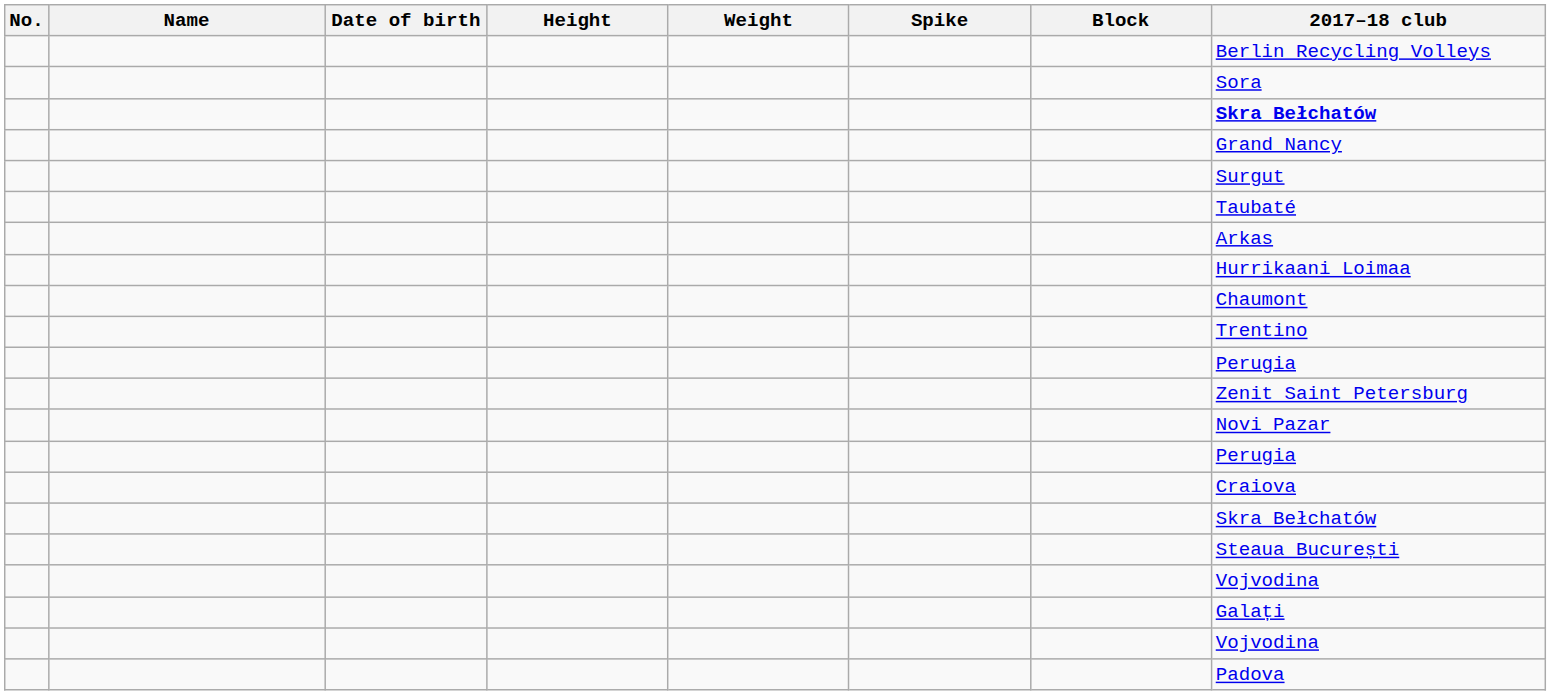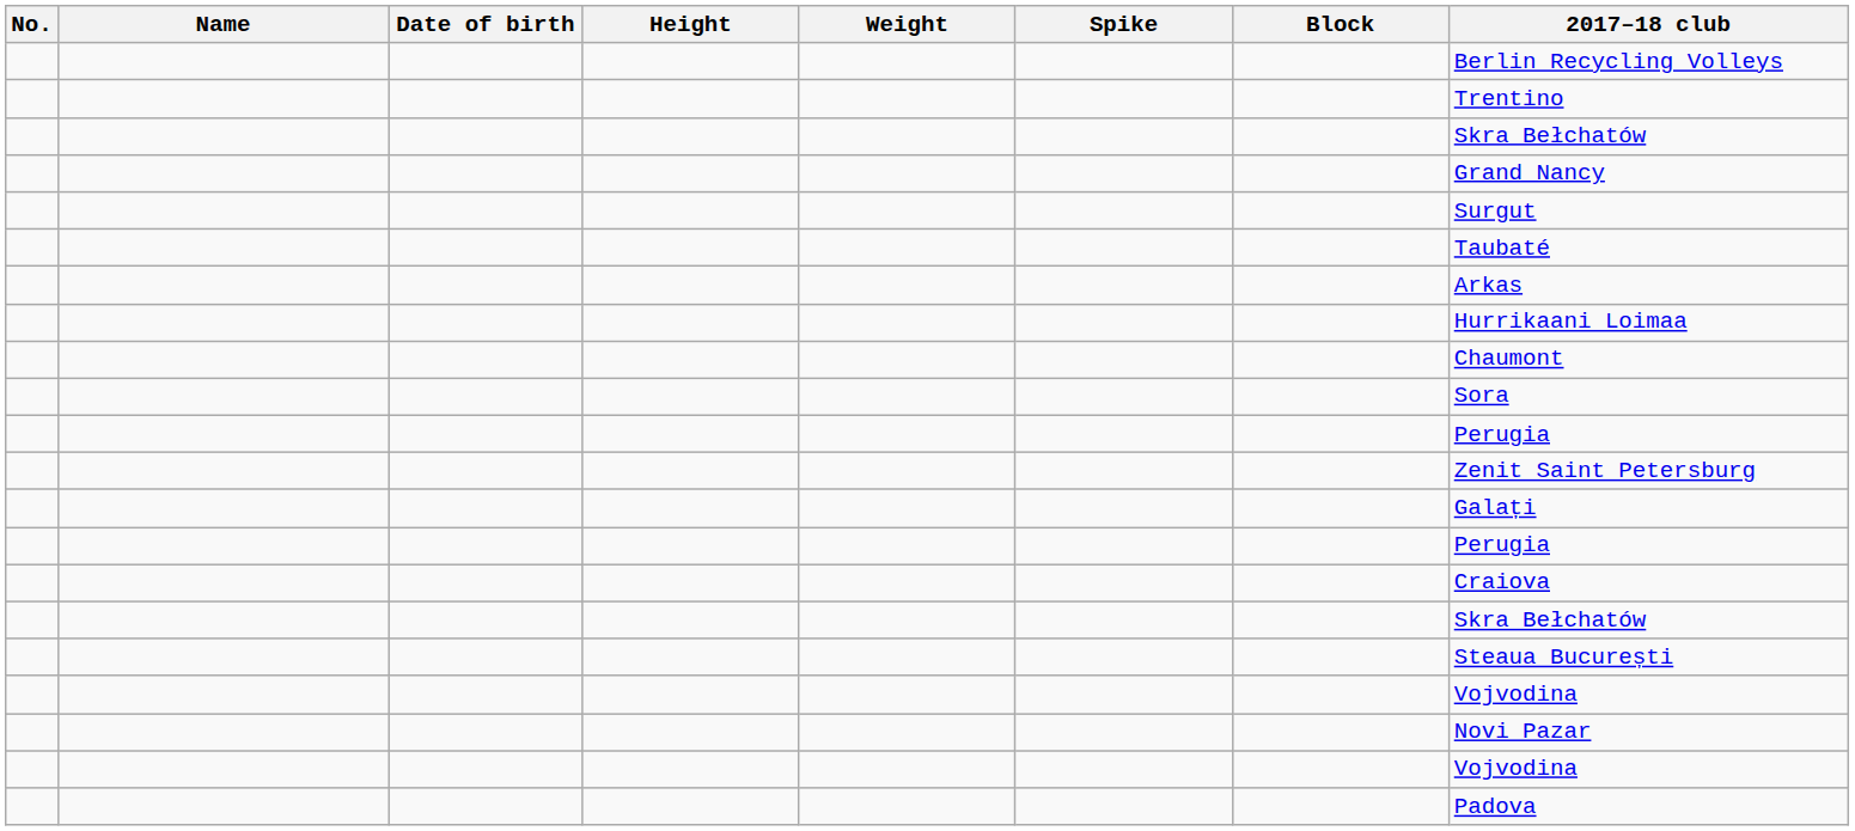 <table class="wikitable sortable" style="font-size:100%; text-align:center;">
 <tr>
 <th>No.</th>
 <th style="width:14em">Name</th>
 <th style="width:8em">Date of birth</th>
 <th style="width:9em">Height</th>
 <th style="width:9em">Weight</th>
 <th style="width:9em">Spike</th>
 <th style="width:9em">Block</th>
 <th style="width:17em">2017–18 club</th>
 </tr>
 <tr>
 <td></td>
 <td align=left></td>
 <td align=right></td>
 <td></td>
 <td></td>
 <td></td>
 <td></td>
 <td align=left> <a href='#'>Berlin Recycling Volleys</a></td>
 </tr>
 <tr>
 <td></td>
 <td align=left></td>
 <td align=right></td>
 <td></td>
 <td></td>
 <td></td>
 <td></td>
-<td align=left> <a href='#'>Sora</a></td>
+<td align=left> <a href='#'>Trentino</a></td>
 </tr>
 <tr>
 <td></td>
 <td align=left></td>
 <td align=right></td>
 <td></td>
 <td></td>
 <td></td>
 <td></td>
-<td align=left><strong> <a href='#'>Skra Bełchatów</a></strong></td>
+<td align=left> <a href='#'>Skra Bełchatów</a></td>
 </tr>
 <tr>
 <td></td>
 <td align=left></td>
 <td align=right></td>
 <td></td>
 <td></td>
 <td></td>
 <td></td>
 <td align=left> <a href='#'>Grand Nancy</a></td>
 </tr>
 <tr>
 <td></td>
 <td align=left></td>
 <td align=right></td>
 <td></td>
 <td></td>
 <td></td>
 <td></td>
 <td align=left> <a href='#'>Surgut</a></td>
 </tr>
 <tr>
 <td></td>
 <td align=left></td>
 <td align=right></td>
 <td></td>
 <td></td>
 <td></td>
 <td></td>
 <td align=left> <a href='#'>Taubaté</a></td>
 </tr>
 <tr>
 <td></td>
 <td align=left></td>
 <td align=right></td>
 <td></td>
 <td></td>
 <td></td>
 <td></td>
 <td align=left> <a href='#'>Arkas</a></td>
 </tr>
 <tr>
 <td></td>
 <td align=left></td>
 <td align=right></td>
 <td></td>
 <td></td>
 <td></td>
 <td></td>
 <td align=left> <a href='#'>Hurrikaani Loimaa</a></td>
 </tr>
 <tr>
 <td></td>
 <td align=left></td>
 <td align=right></td>
 <td></td>
 <td></td>
 <td></td>
 <td></td>
 <td align=left> <a href='#'>Chaumont</a></td>
 </tr>
 <tr>
 <td></td>
 <td align=left></td>
 <td align=right></td>
 <td></td>
 <td></td>
 <td></td>
 <td></td>
-<td align=left> <a href='#'>Trentino</a></td>
+<td align=left> <a href='#'>Sora</a></td>
 </tr>
 <tr>
 <td></td>
 <td align=left></td>
 <td align=right></td>
 <td></td>
 <td></td>
 <td></td>
 <td></td>
 <td align=left> <a href='#'>Perugia</a></td>
 </tr>
 <tr>
 <td></td>
 <td align=left></td>
 <td align=right></td>
 <td></td>
 <td></td>
 <td></td>
 <td></td>
 <td align=left> <a href='#'>Zenit Saint Petersburg</a></td>
 </tr>
 <tr>
 <td></td>
 <td align=left></td>
 <td align=right></td>
 <td></td>
 <td></td>
 <td></td>
 <td></td>
-<td align=left> <a href='#'>Novi Pazar</a></td>
+<td align=left> <a href='#'>Galați</a></td>
 </tr>
 <tr>
 <td></td>
 <td align=left></td>
 <td align=right></td>
 <td></td>
 <td></td>
 <td></td>
 <td></td>
 <td align=left> <a href='#'>Perugia</a></td>
 </tr>
 <tr>
 <td></td>
 <td align=left></td>
 <td align=right></td>
 <td></td>
 <td></td>
 <td></td>
 <td></td>
 <td align=left> <a href='#'>Craiova</a></td>
 </tr>
 <tr>
 <td></td>
 <td align=left></td>
 <td align=right></td>
 <td></td>
 <td></td>
 <td></td>
 <td></td>
 <td align=left> <a href='#'>Skra Bełchatów</a></td>
 </tr>
 <tr>
 <td></td>
 <td align=left></td>
 <td align=right></td>
 <td></td>
 <td></td>
 <td></td>
 <td></td>
 <td align=left> <a href='#'>Steaua București</a></td>
 </tr>
 <tr>
 <td></td>
 <td align=left></td>
 <td align=right></td>
 <td></td>
 <td></td>
 <td></td>
 <td></td>
 <td align=left> <a href='#'>Vojvodina</a></td>
 </tr>
 <tr>
 <td></td>
 <td align=left></td>
 <td align=right></td>
 <td></td>
 <td></td>
 <td></td>
 <td></td>
-<td align=left> <a href='#'>Galați</a></td>
+<td align=left> <a href='#'>Novi Pazar</a></td>
 </tr>
 <tr>
 <td></td>
 <td align=left></td>
 <td align=right></td>
 <td></td>
 <td></td>
 <td></td>
 <td></td>
 <td align=left> <a href='#'>Vojvodina</a></td>
 </tr>
 <tr>
 <td></td>
 <td align=left></td>
 <td align=right></td>
 <td></td>
 <td></td>
 <td></td>
 <td></td>
 <td align=left> <a href='#'>Padova</a></td>
 </tr>
 </table>
